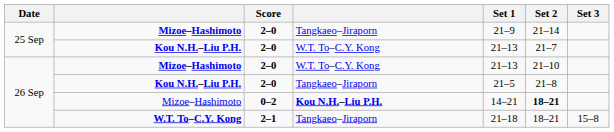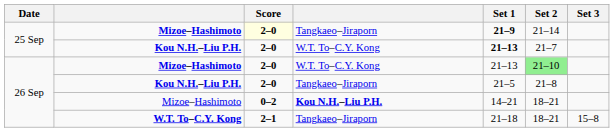 <table class="wikitable" style="text-align: center; font-size:90% ">
 <tr>
 <th width="60">Date</th>
 <th align="right" width="250"></th>
 <th width="60">Score</th>
 <th align="left" width="250"></th>
 <th width="50">Set 1</th>
 <th width="50">Set 2</th>
 <th width="50">Set 3</th>
 </tr>
 <tr>
 <td rowspan=2>25 Sep</td>
 <td align=right><strong><a href='#'>Mizoe</a>–<a href='#'>Hashimoto</a> </strong></td>
-<td align=center><strong>2–0</strong></td>
+<td align=center style="background: lightyellow;"><strong>2–0</strong></td>
 <td align=left> <a href='#'>Tangkaeo</a>–<a href='#'>Jiraporn</a></td>
-<td>21–9</td>
+<td><strong>21–9</strong></td>
 <td>21–14</td>
 <td></td>
 </tr>
 <tr>
 <td align=right><strong><a href='#'>Kou N.H.</a>–<a href='#'>Liu P.H.</a> </strong></td>
 <td align=center><strong>2–0</strong></td>
 <td align=left> <a href='#'>W.T. To</a>–<a href='#'>C.Y. Kong</a></td>
-<td>21–13</td>
+<td><strong>21–13</strong></td>
 <td>21–7</td>
 <td></td>
 </tr>
 <tr>
 <td rowspan=4>26 Sep</td>
 <td align=right><strong><a href='#'>Mizoe</a>–<a href='#'>Hashimoto</a> </strong></td>
 <td align=center><strong>2–0</strong></td>
 <td align=left> <a href='#'>W.T. To</a>–<a href='#'>C.Y. Kong</a></td>
 <td>21–13</td>
-<td>21–10</td>
+<td style="background: lightgreen;">21–10</td>
 <td></td>
 </tr>
 <tr>
 <td align=right><strong><a href='#'>Kou N.H.</a>–<a href='#'>Liu P.H.</a> </strong></td>
 <td align=center><strong>2–0</strong></td>
 <td align=left> <a href='#'>Tangkaeo</a>–<a href='#'>Jiraporn</a></td>
 <td>21–5</td>
 <td>21–8</td>
 <td></td>
 </tr>
 <tr>
 <td align=right><a href='#'>Mizoe</a>–<a href='#'>Hashimoto</a> </td>
 <td align=center><strong>0–2</strong></td>
 <td align=left><strong> <a href='#'>Kou N.H.</a>–<a href='#'>Liu P.H.</a></strong></td>
 <td>14–21</td>
-<td><strong>18–21</strong></td>
+<td>18–21</td>
 <td></td>
 </tr>
 <tr>
 <td align=right><strong><a href='#'>W.T. To</a>–<a href='#'>C.Y. Kong</a> </strong></td>
 <td align=center><strong>2–1</strong></td>
 <td align=left> <a href='#'>Tangkaeo</a>–<a href='#'>Jiraporn</a></td>
 <td>21–18</td>
 <td>18–21</td>
 <td>15–8</td>
 </tr>
 </table>
